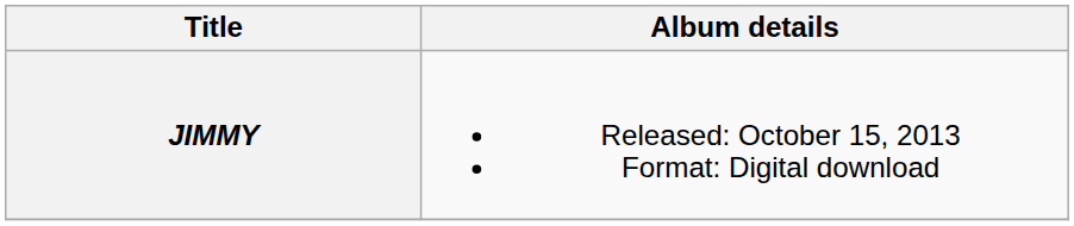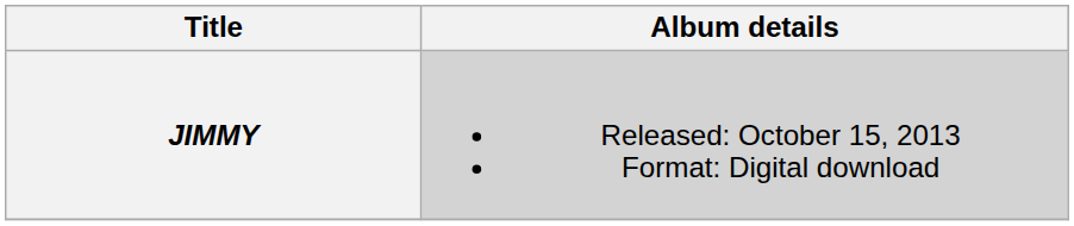 <table class="wikitable plainrowheaders" style="text-align:center;">
 <tr>
 <th scope="col" rowspan="1" style="width:14em;">Title</th>
 <th scope="col" rowspan="1" style="width:22em;">Album details</th>
 </tr>
 <tr>
 <th scope="row"><em>JIMMY</em></th>
-<td><br><ul><li>Released: October 15, 2013</li><li>Format: Digital download</li></ul></td>
+<td style="background: lightgrey;"><br><ul><li>Released: October 15, 2013</li><li>Format: Digital download</li></ul></td>
 </tr>
 <tr>
 </tr>
 </table>
